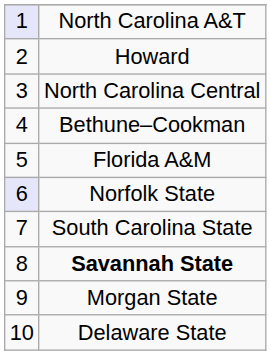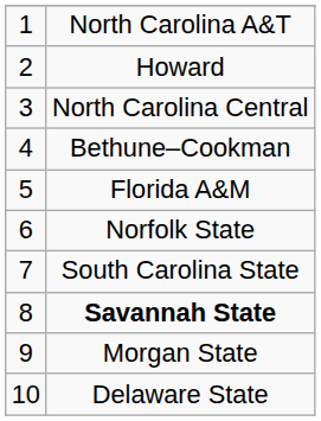 <table class="wikitable">
 <tr align="center">
 </tr>
 <tr align="center">
-<td style="background: lavender;">1</td>
+<td>1</td>
 <td>North Carolina A&T</td>
 </tr>
 <tr align="center">
 <td>2</td>
 <td>Howard</td>
 </tr>
 <tr align="center">
 <td>3</td>
 <td>North Carolina Central</td>
 </tr>
 <tr align="center">
 <td>4</td>
 <td>Bethune–Cookman</td>
 </tr>
 <tr align="center">
 <td>5</td>
 <td>Florida A&M</td>
 </tr>
 <tr align="center">
-<td style="background: lavender;">6</td>
+<td>6</td>
 <td>Norfolk State</td>
 </tr>
 <tr align="center">
 <td>7</td>
 <td>South Carolina State</td>
 </tr>
 <tr align="center">
 <td>8</td>
 <td><strong>Savannah State</strong></td>
 </tr>
 <tr align="center">
 <td>9</td>
 <td>Morgan State</td>
 </tr>
 <tr align="center">
 <td>10</td>
 <td>Delaware State</td>
 </tr>
 </table>
